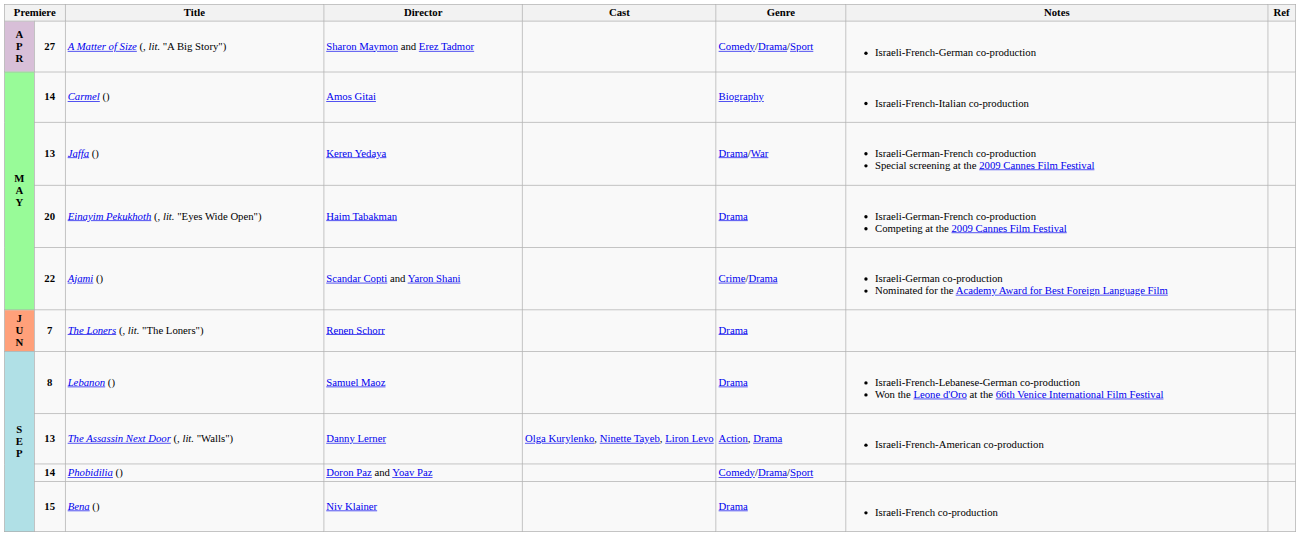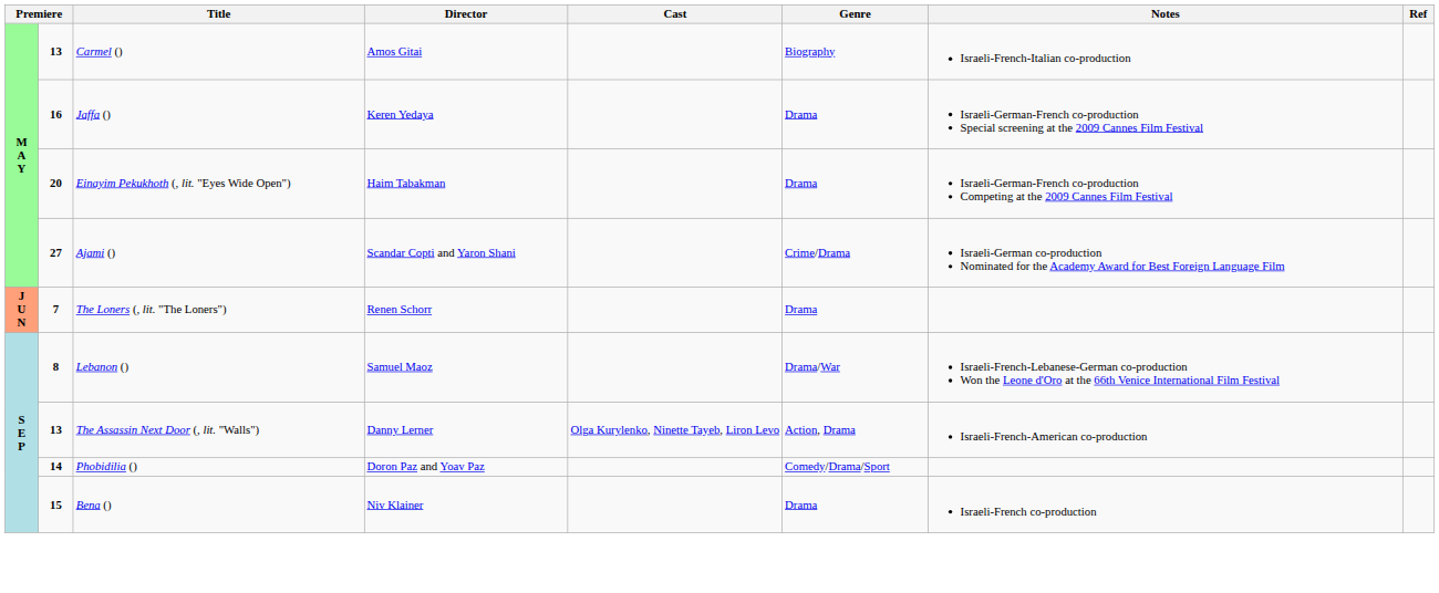 <table class="wikitable">
 <tr>
 <th colspan="2">Premiere</th>
 <th>Title</th>
 <th>Director</th>
 <th style="width:15%;">Cast</th>
 <th>Genre</th>
 <th>Notes</th>
 <th>Ref</th>
 </tr>
 <tr>
-<td style="text-align:center; background:thistle; textcolor:#000;"><strong>A<br>P<br>R</strong></td>
-<td style="text-align:center;"><strong>27</strong></td>
-<td><em><a href='#'>A Matter of Size</a></em> (, <em>lit.</em> "A Big Story")</td>
-<td><a href='#'>Sharon Maymon</a> and <a href='#'>Erez Tadmor</a></td>
-<td></td>
-<td><a href='#'>Comedy</a>/<a href='#'>Drama</a>/<a href='#'>Sport</a></td>
-<td><br><ul><li>Israeli-French-German co-production</li></ul></td>
-<td></td>
-</tr>
-<tr>
 <td rowspan="4"   style="text-align:center; background:#98fb98; textcolor:#000;"><strong>M<br>A<br>Y</strong></td>
-<td style="text-align:center;"><strong>14</strong></td>
+<td style="text-align:center;"><strong>13</strong></td>
 <td><em><a href='#'>Carmel</a></em> ()</td>
 <td><a href='#'>Amos Gitai</a></td>
 <td></td>
 <td><a href='#'>Biography</a></td>
 <td><br><ul><li>Israeli-French-Italian co-production</li></ul></td>
 <td></td>
 </tr>
 <tr>
-<td style="text-align:center;"><strong>13</strong></td>
+<td style="text-align:center;"><strong>16</strong></td>
 <td><em><a href='#'>Jaffa</a></em> ()</td>
 <td><a href='#'>Keren Yedaya</a></td>
 <td></td>
-<td><a href='#'>Drama</a>/<a href='#'>War</a></td>
+<td><a href='#'>Drama</a></td>
 <td><br><ul><li>Israeli-German-French co-production</li><li>Special screening at the <a href='#'>2009 Cannes Film Festival</a></li></ul></td>
 <td></td>
 </tr>
 <tr>
 <td style="text-align:center;"><strong>20</strong></td>
 <td><em><a href='#'>Einayim Pekukhoth</a></em> (, <em>lit.</em> "Eyes Wide Open")</td>
 <td><a href='#'>Haim Tabakman</a></td>
 <td></td>
 <td><a href='#'>Drama</a></td>
 <td><br><ul><li>Israeli-German-French co-production</li><li>Competing at the <a href='#'>2009 Cannes Film Festival</a></li></ul></td>
 <td></td>
 </tr>
 <tr>
-<td style="text-align:center;"><strong>22</strong></td>
+<td style="text-align:center;"><strong>27</strong></td>
 <td><em><a href='#'>Ajami</a></em> ()</td>
 <td><a href='#'>Scandar Copti</a> and <a href='#'>Yaron Shani</a></td>
 <td></td>
 <td><a href='#'>Crime</a>/<a href='#'>Drama</a></td>
 <td><br><ul><li>Israeli-German co-production</li><li>Nominated for the <a href='#'>Academy Award for Best Foreign Language Film</a></li></ul></td>
 <td></td>
 </tr>
 <tr>
 <td style="text-align:center; background:#ffa07a; textcolor:#000;"><strong>J<br>U<br>N</strong></td>
 <td style="text-align:center;"><strong>7</strong></td>
 <td><em><a href='#'>The Loners</a></em> (, <em>lit.</em> "The Loners")</td>
 <td><a href='#'>Renen Schorr</a></td>
 <td></td>
 <td><a href='#'>Drama</a></td>
 <td></td>
 <td></td>
 </tr>
 <tr>
 <td rowspan="4"   style="text-align:center; background:#b0e0e6; textcolor:#000;"><strong>S<br>E<br>P</strong></td>
 <td style="text-align:center;"><strong>8</strong></td>
 <td><em><a href='#'>Lebanon</a></em> ()</td>
 <td><a href='#'>Samuel Maoz</a></td>
 <td></td>
-<td><a href='#'>Drama</a></td>
+<td><a href='#'>Drama</a>/<a href='#'>War</a></td>
 <td><br><ul><li>Israeli-French-Lebanese-German co-production</li><li>Won the <a href='#'>Leone d'Oro</a> at the <a href='#'>66th Venice International Film Festival</a></li></ul></td>
 <td></td>
 </tr>
 <tr>
 <td style="text-align:center;"><strong>13</strong></td>
 <td><em><a href='#'>The Assassin Next Door</a></em> (, <em>lit.</em> "Walls")</td>
 <td><a href='#'>Danny Lerner</a></td>
 <td><a href='#'>Olga Kurylenko</a>, <a href='#'>Ninette Tayeb</a>, <a href='#'>Liron Levo</a></td>
 <td><a href='#'>Action</a>, <a href='#'>Drama</a></td>
 <td><br><ul><li>Israeli-French-American co-production</li></ul></td>
 <td></td>
 </tr>
 <tr>
 <td style="text-align:center;"><strong>14</strong></td>
 <td><em><a href='#'>Phobidilia</a></em> ()</td>
 <td><a href='#'>Doron Paz</a> and <a href='#'>Yoav Paz</a></td>
 <td></td>
 <td><a href='#'>Comedy</a>/<a href='#'>Drama</a>/<a href='#'>Sport</a></td>
 <td></td>
 <td></td>
 </tr>
 <tr>
 <td style="text-align:center;"><strong>15</strong></td>
 <td><em><a href='#'>Bena</a></em> ()</td>
 <td><a href='#'>Niv Klainer</a></td>
 <td></td>
 <td><a href='#'>Drama</a></td>
 <td><br><ul><li>Israeli-French co-production</li></ul></td>
 <td></td>
 </tr>
 </table>
